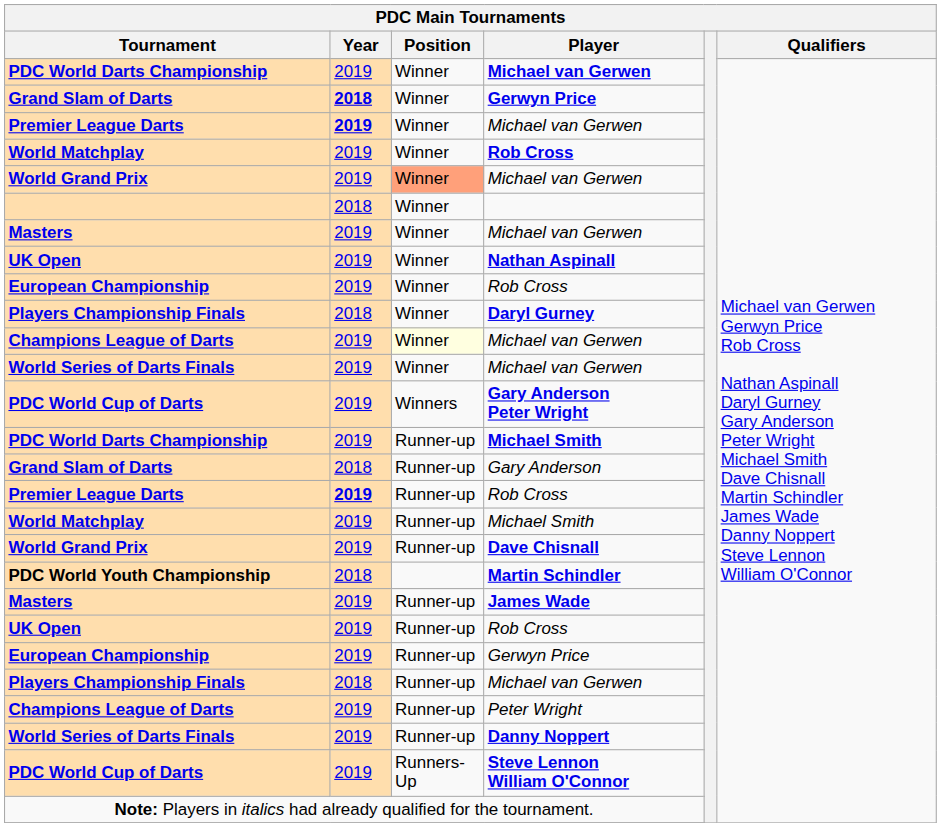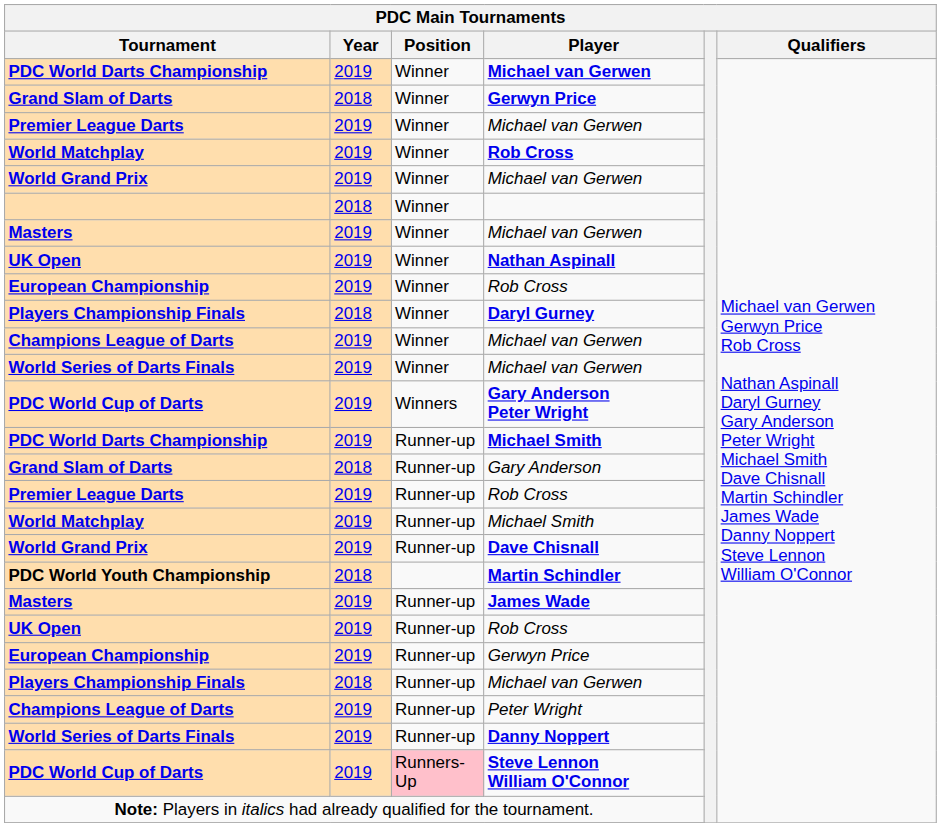 <table class="wikitable">
 <tr>
 <th colspan=6>PDC Main Tournaments</th>
 </tr>
 <tr>
 <th width=300>Tournament</th>
 <th width=50>Year</th>
 <th width=80>Position</th>
 <th width=200>Player</th>
 <th rowspan=29 width=5></th>
 <th width=200>Qualifiers</th>
 </tr>
 <tr>
 <td style="background:#ffdead;"><strong><a href='#'>PDC World Darts Championship</a></strong></td>
 <td style="background:#ffdead;"><a href='#'>2019</a></td>
 <td>Winner</td>
 <td> <strong><a href='#'>Michael van Gerwen</a></strong></td>
 <td rowspan=28> <a href='#'>Michael van Gerwen</a><br> <a href='#'>Gerwyn Price</a><br> <a href='#'>Rob Cross</a><br><br> <a href='#'>Nathan Aspinall</a><br> <a href='#'>Daryl Gurney</a><br> <a href='#'>Gary Anderson</a><br> <a href='#'>Peter Wright</a><br> <a href='#'>Michael Smith</a><br> <a href='#'>Dave Chisnall</a><br> <a href='#'>Martin Schindler</a><br> <a href='#'>James Wade</a><br> <a href='#'>Danny Noppert</a><br>  <a href='#'>Steve Lennon</a><br> <a href='#'>William O'Connor</a></td>
 </tr>
 <tr>
 <td style="background:#ffdead;"><strong><a href='#'>Grand Slam of Darts</a></strong></td>
-<td style="background:#ffdead;"><strong><a href='#'>2018</a></strong></td>
+<td style="background:#ffdead;"><a href='#'>2018</a></td>
 <td>Winner</td>
 <td> <strong><a href='#'>Gerwyn Price</a></strong></td>
 </tr>
 <tr>
 <td style="background:#ffdead;"><strong><a href='#'>Premier League Darts</a></strong></td>
-<td style="background:#ffdead;"><strong><a href='#'>2019</a></strong></td>
+<td style="background:#ffdead;"><a href='#'>2019</a></td>
 <td>Winner</td>
 <td> <em>Michael van Gerwen</em></td>
 </tr>
 <tr>
 <td style="background:#ffdead;"><strong><a href='#'>World Matchplay</a></strong></td>
 <td style="background:#ffdead;"><a href='#'>2019</a></td>
 <td>Winner</td>
 <td> <strong><a href='#'>Rob Cross</a></strong> </td>
 </tr>
 <tr>
 <td style="background:#ffdead;"><strong><a href='#'>World Grand Prix</a></strong></td>
 <td style="background:#ffdead;"><a href='#'>2019</a></td>
-<td style="background: lightsalmon;">Winner</td>
+<td>Winner</td>
 <td> <em>Michael van Gerwen</em></td>
 </tr>
 <tr>
 <td style="background:#ffdead;"></td>
 <td style="background:#ffdead;"><a href='#'>2018</a></td>
 <td>Winner</td>
 <td></td>
 </tr>
 <tr>
 <td style="background:#ffdead;"><strong><a href='#'>Masters</a></strong></td>
 <td style="background:#ffdead;"><a href='#'>2019</a></td>
 <td>Winner</td>
 <td> <em>Michael van Gerwen</em></td>
 </tr>
 <tr>
 <td style="background:#ffdead;"><strong><a href='#'>UK Open</a></strong></td>
 <td style="background:#ffdead;"><a href='#'>2019</a></td>
 <td>Winner</td>
 <td> <strong><a href='#'>Nathan Aspinall</a></strong></td>
 </tr>
 <tr>
 <td style="background:#ffdead;"><strong><a href='#'>European Championship</a></strong></td>
 <td style="background:#ffdead;"><a href='#'>2019</a></td>
 <td>Winner</td>
 <td> <em>Rob Cross</em></td>
 </tr>
 <tr>
 <td style="background:#ffdead;"><strong><a href='#'>Players Championship Finals</a></strong></td>
 <td style="background:#ffdead;"><a href='#'>2018</a></td>
 <td>Winner</td>
 <td> <strong><a href='#'>Daryl Gurney</a></strong></td>
 </tr>
 <tr>
 <td style="background:#ffdead;"><strong><a href='#'>Champions League of Darts</a></strong></td>
 <td style="background:#ffdead;"><a href='#'>2019</a></td>
-<td style="background: lightyellow;">Winner</td>
+<td>Winner</td>
 <td> <em>Michael van Gerwen</em></td>
 </tr>
 <tr>
 <td style="background:#ffdead;"><strong><a href='#'>World Series of Darts Finals</a></strong></td>
 <td style="background:#ffdead;"><a href='#'>2019</a></td>
 <td>Winner</td>
 <td> <em>Michael van Gerwen</em></td>
 </tr>
 <tr>
 <td style="background:#ffdead;"><strong><a href='#'>PDC World Cup of Darts</a></strong></td>
 <td style="background:#ffdead;"><a href='#'>2019</a></td>
 <td>Winners</td>
 <td> <strong><a href='#'>Gary Anderson</a></strong><br> <strong><a href='#'>Peter Wright</a></strong></td>
 </tr>
 <tr>
 <td style="background:#ffdead;"><strong><a href='#'>PDC World Darts Championship</a></strong></td>
 <td style="background:#ffdead;"><a href='#'>2019</a></td>
 <td>Runner-up</td>
 <td> <strong><a href='#'>Michael Smith</a></strong></td>
 </tr>
 <tr>
 <td style="background:#ffdead;"><strong><a href='#'>Grand Slam of Darts</a></strong></td>
 <td style="background:#ffdead;"><a href='#'>2018</a></td>
 <td>Runner-up</td>
 <td> <em>Gary Anderson</em></td>
 </tr>
 <tr>
 <td style="background:#ffdead;"><strong><a href='#'>Premier League Darts</a></strong></td>
-<td style="background:#ffdead;"><strong><a href='#'>2019</a></strong></td>
+<td style="background:#ffdead;"><a href='#'>2019</a></td>
 <td>Runner-up</td>
 <td> <em>Rob Cross</em></td>
 </tr>
 <tr>
 <td style="background:#ffdead;"><strong><a href='#'>World Matchplay</a></strong></td>
 <td style="background:#ffdead;"><a href='#'>2019</a></td>
 <td>Runner-up</td>
 <td> <em>Michael Smith</em></td>
 </tr>
 <tr>
 <td style="background:#ffdead;"><strong><a href='#'>World Grand Prix</a></strong></td>
 <td style="background:#ffdead;"><a href='#'>2019</a></td>
 <td>Runner-up</td>
 <td> <strong><a href='#'>Dave Chisnall</a></strong></td>
 </tr>
 <tr>
 <td style="background:#ffdead;"><strong>PDC World Youth Championship</strong></td>
 <td style="background:#ffdead;"><a href='#'>2018</a></td>
 <td></td>
 <td> <strong><a href='#'>Martin Schindler</a></strong></td>
 </tr>
 <tr>
 <td style="background:#ffdead;"><strong><a href='#'>Masters</a></strong></td>
 <td style="background:#ffdead;"><a href='#'>2019</a></td>
 <td>Runner-up</td>
 <td> <strong><a href='#'>James Wade</a></strong> </td>
 </tr>
 <tr>
 <td style="background:#ffdead;"><strong><a href='#'>UK Open</a></strong></td>
 <td style="background:#ffdead;"><a href='#'>2019</a></td>
 <td>Runner-up</td>
 <td> <em>Rob Cross</em></td>
 </tr>
 <tr>
 <td style="background:#ffdead;"><strong><a href='#'>European Championship</a></strong></td>
 <td style="background:#ffdead;"><a href='#'>2019</a></td>
 <td>Runner-up</td>
 <td> <em>Gerwyn Price</em></td>
 </tr>
 <tr>
 <td style="background:#ffdead;"><strong><a href='#'>Players Championship Finals</a></strong></td>
 <td style="background:#ffdead;"><a href='#'>2018</a></td>
 <td>Runner-up</td>
 <td> <em>Michael van Gerwen</em></td>
 </tr>
 <tr>
 <td style="background:#ffdead;"><strong><a href='#'>Champions League of Darts</a></strong></td>
 <td style="background:#ffdead;"><a href='#'>2019</a></td>
 <td>Runner-up</td>
 <td> <em>Peter Wright</em></td>
 </tr>
 <tr>
 <td style="background:#ffdead;"><strong><a href='#'>World Series of Darts Finals</a></strong></td>
 <td style="background:#ffdead;"><a href='#'>2019</a></td>
 <td>Runner-up</td>
 <td> <strong><a href='#'>Danny Noppert</a></strong> </td>
 </tr>
 <tr>
 <td style="background:#ffdead;"><strong><a href='#'>PDC World Cup of Darts</a></strong></td>
 <td style="background:#ffdead;"><a href='#'>2019</a></td>
-<td>Runners-Up</td>
+<td style="background: pink;">Runners-Up</td>
 <td> <strong><a href='#'>Steve Lennon</a></strong><br> <strong><a href='#'>William O'Connor</a></strong></td>
 </tr>
 <tr>
 <td colspan=4 align=center><strong>Note:</strong> Players in <em>italics</em> had already qualified for the tournament.</td>
 </tr>
 <tr>
 </tr>
 </table>
